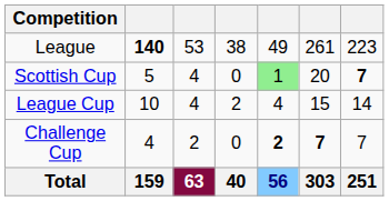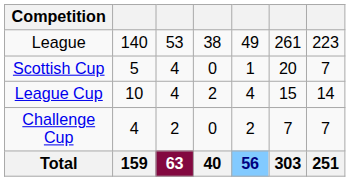 <table class="wikitable" style="text-align:center">
 <tr>
 <th width="100">Competition</th>
 <th width="35"></th>
 <th width="30"></th>
 <th width="30"></th>
 <th width="30"></th>
 <th width="30"></th>
 <th width="30"></th>
 </tr>
 <tr>
 <td>League</td>
-<td><strong>140</strong></td>
+<td>140</td>
 <td>53</td>
 <td>38</td>
 <td>49</td>
 <td>261</td>
 <td>223</td>
 </tr>
 <tr>
 <td><a href='#'>Scottish Cup</a></td>
 <td>5</td>
 <td>4</td>
 <td>0</td>
-<td style="background: lightgreen;">1</td>
+<td>1</td>
 <td>20</td>
-<td><strong>7</strong></td>
+<td>7</td>
 </tr>
 <tr>
 <td><a href='#'>League Cup</a></td>
 <td>10</td>
 <td>4</td>
 <td>2</td>
 <td>4</td>
 <td>15</td>
 <td>14</td>
 </tr>
 <tr>
 <td><a href='#'>Challenge Cup</a></td>
 <td>4</td>
 <td>2</td>
 <td>0</td>
-<td><strong>2</strong></td>
-<td><strong>7</strong></td>
+<td>2</td>
+<td>7</td>
 <td>7</td>
 </tr>
 <tr>
 <th>Total</th>
 <th>159</th>
 <th style="text-align:center; color:white; background:#830840;">63</th>
 <th>40</th>
 <th style="text-align:center; color:#000080; background:#82CAFF;">56</th>
 <th>303</th>
 <th>251</th>
 </tr>
 </table>
